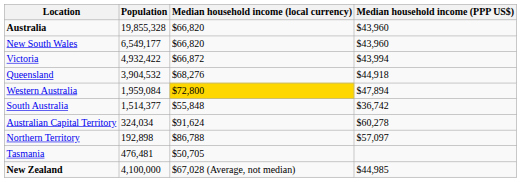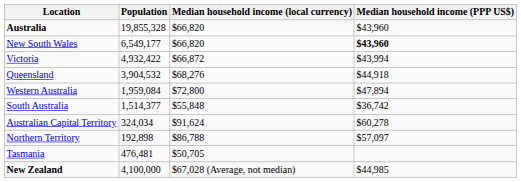 <table class="wikitable sortable">
 <tr>
 <th>Location</th>
 <th>Population</th>
 <th>Median household income (local currency)</th>
 <th>Median household income (PPP US$)</th>
 </tr>
 <tr>
 <td><strong>Australia</strong></td>
 <td>19,855,328</td>
 <td>$66,820</td>
 <td>$43,960</td>
 </tr>
 <tr>
 <td><a href='#'>New South Wales</a></td>
 <td>6,549,177</td>
 <td>$66,820</td>
-<td>$43,960</td>
+<td><strong>$43,960</strong></td>
 </tr>
 <tr>
 <td><a href='#'>Victoria</a></td>
 <td>4,932,422</td>
 <td>$66,872</td>
 <td>$43,994</td>
 </tr>
 <tr>
 <td><a href='#'>Queensland</a></td>
 <td>3,904,532</td>
 <td>$68,276</td>
 <td>$44,918</td>
 </tr>
 <tr>
 <td><a href='#'>Western Australia</a></td>
 <td>1,959,084</td>
-<td style="background: gold;">$72,800</td>
+<td>$72,800</td>
 <td>$47,894</td>
 </tr>
 <tr>
 <td><a href='#'>South Australia</a></td>
 <td>1,514,377</td>
 <td>$55,848</td>
 <td>$36,742</td>
 </tr>
 <tr>
 <td><a href='#'>Australian Capital Territory</a></td>
 <td>324,034</td>
 <td>$91,624</td>
 <td>$60,278</td>
 </tr>
 <tr>
 <td><a href='#'>Northern Territory</a></td>
 <td>192,898</td>
 <td>$86,788</td>
 <td>$57,097</td>
 </tr>
 <tr>
 <td><a href='#'>Tasmania</a></td>
 <td>476,481</td>
 <td>$50,705</td>
 </tr>
 <tr>
 <td><strong>New Zealand</strong></td>
 <td>4,100,000</td>
 <td>$67,028  (Average, not median)</td>
 <td>$44,985</td>
 </tr>
 </table>
